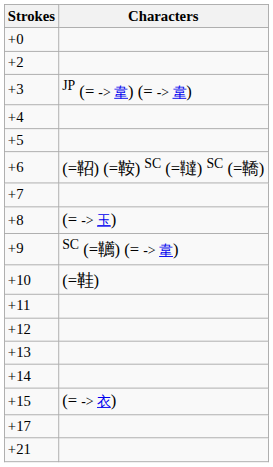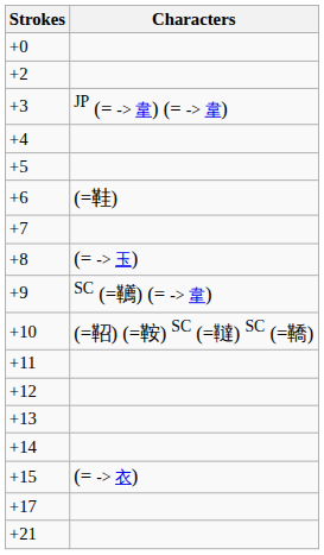 <table class="wikitable">
 <tr>
 <th>Strokes</th>
 <th>Characters</th>
 </tr>
 <tr>
 <td>+0</td>
 <td style="font-size: large;"></td>
 </tr>
 <tr>
 <td>+2</td>
 <td style="font-size: large;"></td>
 </tr>
 <tr>
 <td>+3</td>
 <td style="font-size: large;">  <sup>JP</sup> (= <small>-> <a href='#'>韋</a></small>)     (= <small>-> <a href='#'>韋</a></small>)</td>
 </tr>
 <tr>
 <td>+4</td>
 <td style="font-size: large;">       </td>
 </tr>
 <tr>
 <td>+5</td>
 <td style="font-size: large;">            </td>
 </tr>
 <tr>
 <td>+6</td>
-<td style="font-size: large;">   (=鞀)    (=鞍)     <sup>SC</sup> (=韃) <sup>SC</sup> (=鞽)</td>
+<td style="font-size: large;">     (=鞋)  </td>
 </tr>
 <tr>
 <td>+7</td>
 <td style="font-size: large;">      </td>
 </tr>
 <tr>
 <td>+8</td>
 <td style="font-size: large;">  (= <small>-> <a href='#'>玉</a></small>)      </td>
 </tr>
 <tr>
 <td>+9</td>
 <td style="font-size: large;">             <sup>SC</sup> (=韉)  (= <small>-> <a href='#'>韋</a></small>)</td>
 </tr>
 <tr>
 <td>+10</td>
-<td style="font-size: large;">     (=鞋)  </td>
+<td style="font-size: large;">   (=鞀)    (=鞍)     <sup>SC</sup> (=韃) <sup>SC</sup> (=鞽)</td>
 </tr>
 <tr>
 <td>+11</td>
 <td style="font-size: large;">   </td>
 </tr>
 <tr>
 <td>+12</td>
 <td style="font-size: large;">   </td>
 </tr>
 <tr>
 <td>+13</td>
 <td style="font-size: large;">   </td>
 </tr>
 <tr>
 <td>+14</td>
 <td style="font-size: large;"> </td>
 </tr>
 <tr>
 <td>+15</td>
 <td style="font-size: large;">   (= <small>-> <a href='#'>衣</a></small>)</td>
 </tr>
 <tr>
 <td>+17</td>
 <td style="font-size: large;"></td>
 </tr>
 <tr>
 <td>+21</td>
 <td style="font-size: large;"></td>
 </tr>
 </table>
